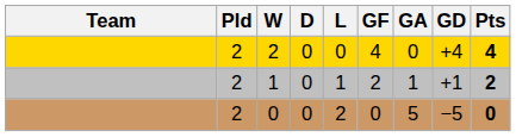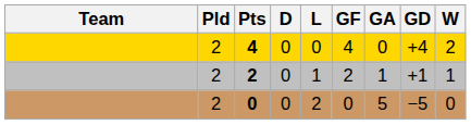 <table class="wikitable" style="text-align:center">
 <tr>
 <th width=165>Team</th>
 <th width=20>Pld</th>
-<th width=20>W</th>
+<th width=20>Pts</th>
 <th width=20>D</th>
 <th width=20>L</th>
 <th width=20>GF</th>
 <th width=20>GA</th>
 <th width=20>GD</th>
-<th width=20>Pts</th>
+<th width=20>W</th>
 </tr>
 <tr bgcolor=gold>
 <td align="left"></td>
 <td>2</td>
-<td>2</td>
+<td><strong>4</strong></td>
 <td>0</td>
 <td>0</td>
 <td>4</td>
 <td>0</td>
 <td>+4</td>
-<td><strong>4</strong></td>
+<td>2</td>
 </tr>
 <tr bgcolor=silver>
 <td align="left"></td>
 <td>2</td>
-<td>1</td>
+<td><strong>2</strong></td>
 <td>0</td>
 <td>1</td>
 <td>2</td>
 <td>1</td>
 <td>+1</td>
-<td><strong>2</strong></td>
+<td>1</td>
 </tr>
 <tr bgcolor=#cc9966>
 <td align="left"></td>
 <td>2</td>
-<td>0</td>
+<td><strong>0</strong></td>
 <td>0</td>
 <td>2</td>
 <td>0</td>
 <td>5</td>
 <td>−5</td>
-<td><strong>0</strong></td>
+<td>0</td>
 </tr>
 </table>
